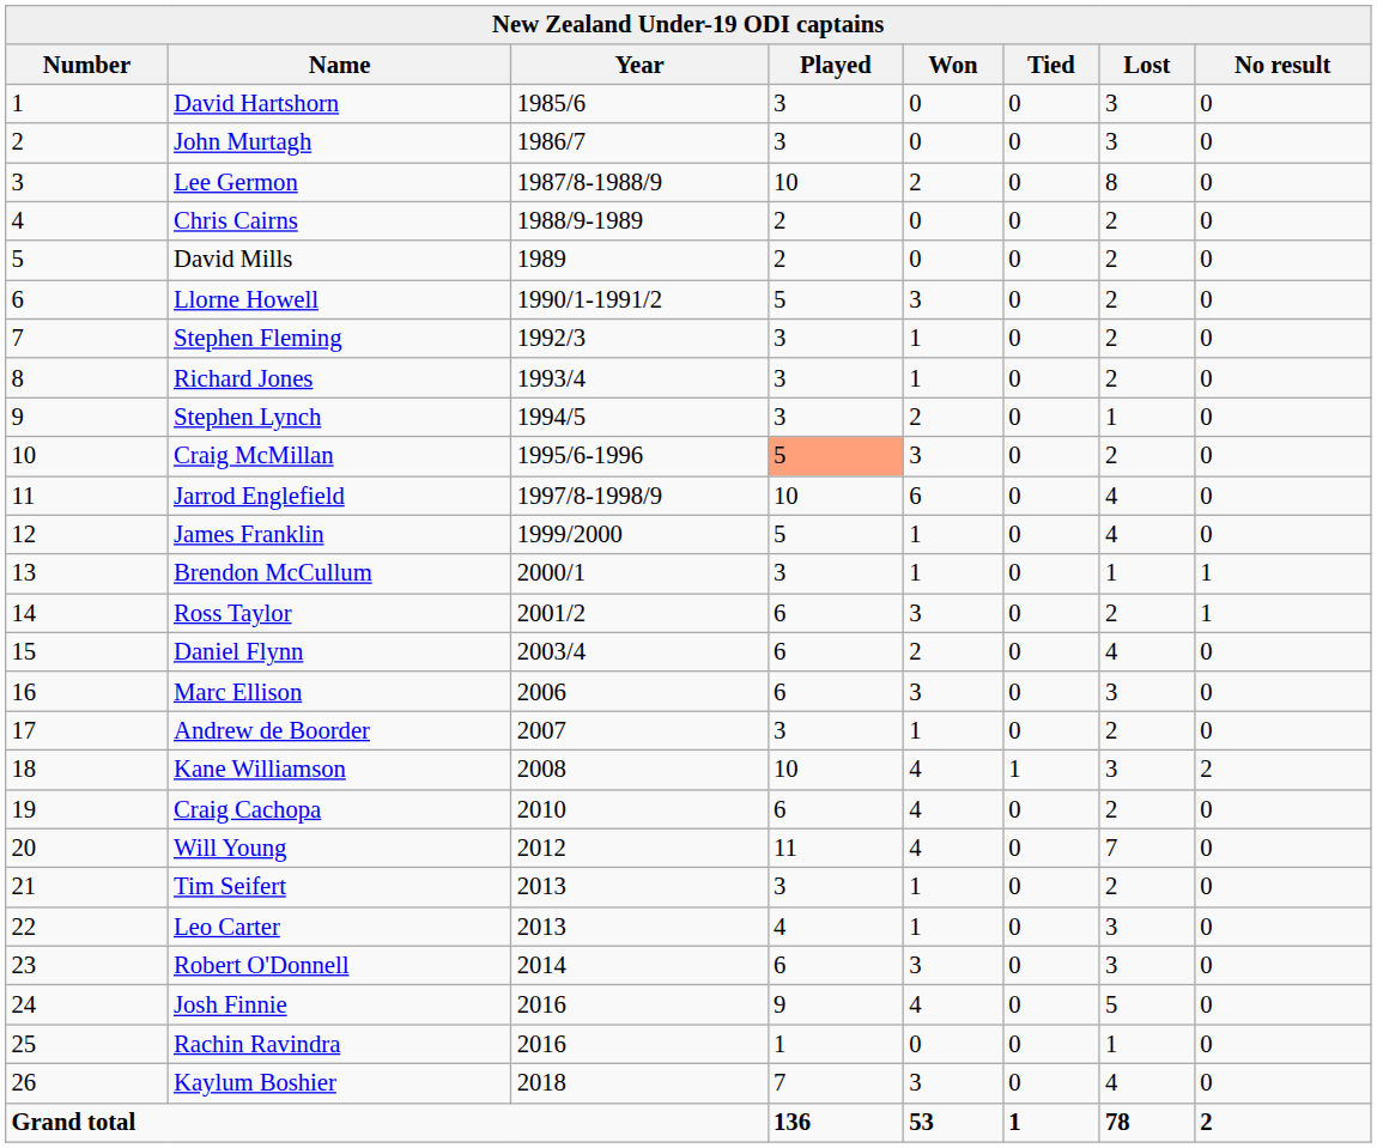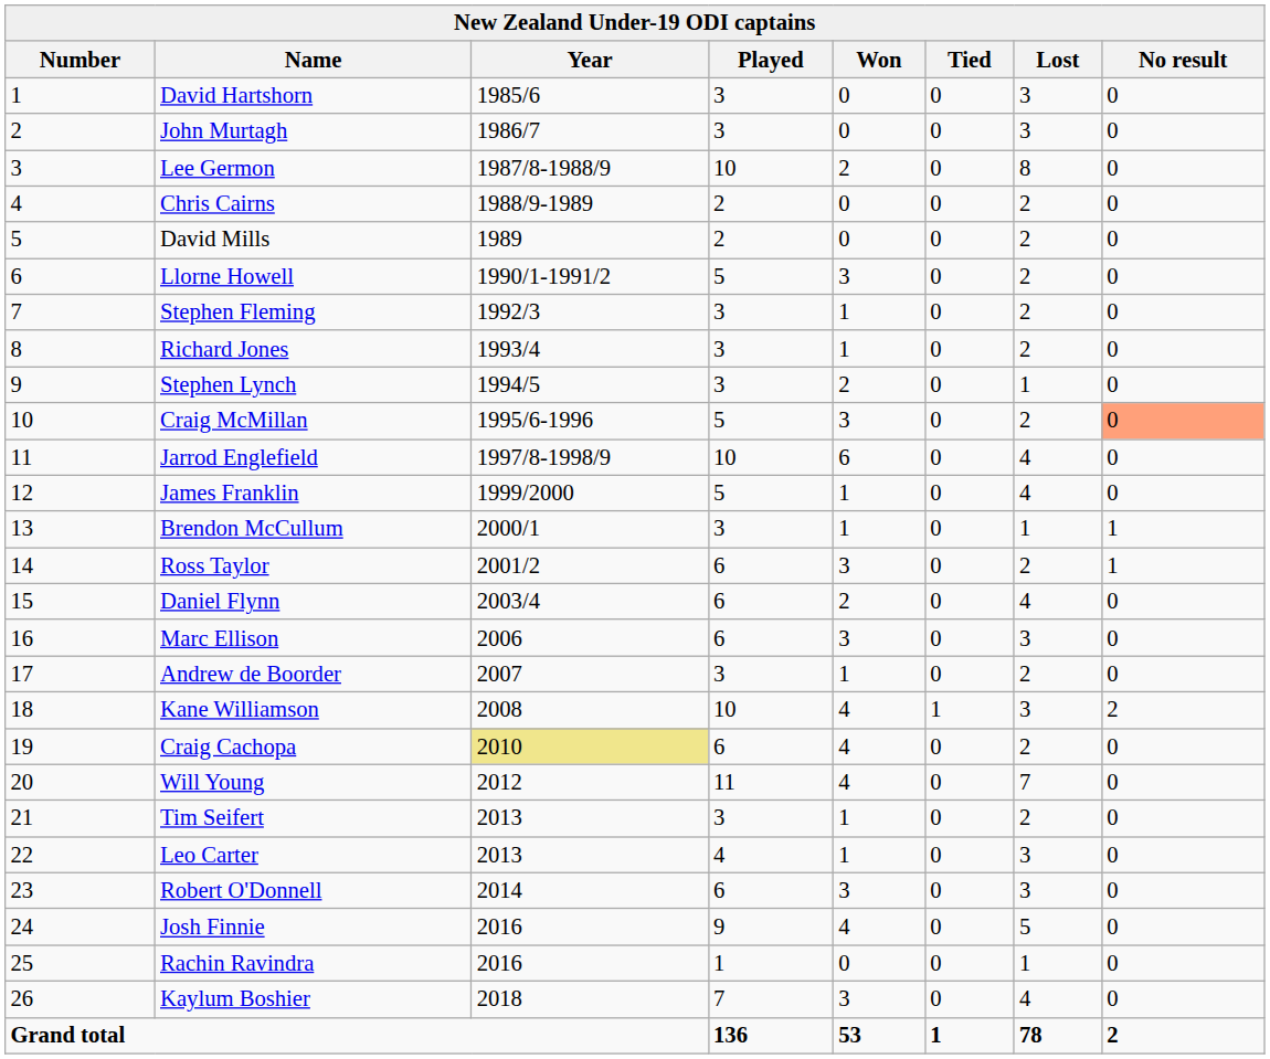 <table class="wikitable" style="width:70%;">
 <tr>
 <th style="background:#efefef;" colspan="8">New Zealand Under-19 ODI captains</th>
 </tr>
 <tr style="background:#efefef;">
 <th>Number</th>
 <th>Name</th>
 <th>Year</th>
 <th>Played</th>
 <th>Won</th>
 <th>Tied</th>
 <th>Lost</th>
 <th>No result</th>
 </tr>
 <tr>
 <td>1</td>
 <td><a href='#'>David Hartshorn</a></td>
 <td>1985/6</td>
 <td>3</td>
 <td>0</td>
 <td>0</td>
 <td>3</td>
 <td>0</td>
 </tr>
 <tr>
 <td>2</td>
 <td><a href='#'>John Murtagh</a></td>
 <td>1986/7</td>
 <td>3</td>
 <td>0</td>
 <td>0</td>
 <td>3</td>
 <td>0</td>
 </tr>
 <tr>
 <td>3</td>
 <td><a href='#'>Lee Germon</a></td>
 <td>1987/8-1988/9</td>
 <td>10</td>
 <td>2</td>
 <td>0</td>
 <td>8</td>
 <td>0</td>
 </tr>
 <tr>
 <td>4</td>
 <td><a href='#'>Chris Cairns</a></td>
 <td>1988/9-1989</td>
 <td>2</td>
 <td>0</td>
 <td>0</td>
 <td>2</td>
 <td>0</td>
 </tr>
 <tr>
 <td>5</td>
 <td>David Mills</td>
 <td>1989</td>
 <td>2</td>
 <td>0</td>
 <td>0</td>
 <td>2</td>
 <td>0</td>
 </tr>
 <tr>
 <td>6</td>
 <td><a href='#'>Llorne Howell</a></td>
 <td>1990/1-1991/2</td>
 <td>5</td>
 <td>3</td>
 <td>0</td>
 <td>2</td>
 <td>0</td>
 </tr>
 <tr>
 <td>7</td>
 <td><a href='#'>Stephen Fleming</a></td>
 <td>1992/3</td>
 <td>3</td>
 <td>1</td>
 <td>0</td>
 <td>2</td>
 <td>0</td>
 </tr>
 <tr>
 <td>8</td>
 <td><a href='#'>Richard Jones</a></td>
 <td>1993/4</td>
 <td>3</td>
 <td>1</td>
 <td>0</td>
 <td>2</td>
 <td>0</td>
 </tr>
 <tr>
 <td>9</td>
 <td><a href='#'>Stephen Lynch</a></td>
 <td>1994/5</td>
 <td>3</td>
 <td>2</td>
 <td>0</td>
 <td>1</td>
 <td>0</td>
 </tr>
 <tr>
 <td>10</td>
 <td><a href='#'>Craig McMillan</a></td>
 <td>1995/6-1996</td>
-<td style="background: lightsalmon;">5</td>
+<td>5</td>
 <td>3</td>
 <td>0</td>
 <td>2</td>
-<td>0</td>
+<td style="background: lightsalmon;">0</td>
 </tr>
 <tr>
 <td>11</td>
 <td><a href='#'>Jarrod Englefield</a></td>
 <td>1997/8-1998/9</td>
 <td>10</td>
 <td>6</td>
 <td>0</td>
 <td>4</td>
 <td>0</td>
 </tr>
 <tr>
 <td>12</td>
 <td><a href='#'>James Franklin</a></td>
 <td>1999/2000</td>
 <td>5</td>
 <td>1</td>
 <td>0</td>
 <td>4</td>
 <td>0</td>
 </tr>
 <tr>
 <td>13</td>
 <td><a href='#'>Brendon McCullum</a></td>
 <td>2000/1</td>
 <td>3</td>
 <td>1</td>
 <td>0</td>
 <td>1</td>
 <td>1</td>
 </tr>
 <tr>
 <td>14</td>
 <td><a href='#'>Ross Taylor</a></td>
 <td>2001/2</td>
 <td>6</td>
 <td>3</td>
 <td>0</td>
 <td>2</td>
 <td>1</td>
 </tr>
 <tr>
 <td>15</td>
 <td><a href='#'>Daniel Flynn</a></td>
 <td>2003/4</td>
 <td>6</td>
 <td>2</td>
 <td>0</td>
 <td>4</td>
 <td>0</td>
 </tr>
 <tr>
 <td>16</td>
 <td><a href='#'>Marc Ellison</a></td>
 <td>2006</td>
 <td>6</td>
 <td>3</td>
 <td>0</td>
 <td>3</td>
 <td>0</td>
 </tr>
 <tr>
 <td>17</td>
 <td><a href='#'>Andrew de Boorder</a></td>
 <td>2007</td>
 <td>3</td>
 <td>1</td>
 <td>0</td>
 <td>2</td>
 <td>0</td>
 </tr>
 <tr>
 <td>18</td>
 <td><a href='#'>Kane Williamson</a></td>
 <td>2008</td>
 <td>10</td>
 <td>4</td>
 <td>1</td>
 <td>3</td>
 <td>2</td>
 </tr>
 <tr>
 <td>19</td>
 <td><a href='#'>Craig Cachopa</a></td>
-<td>2010</td>
+<td style="background: khaki;">2010</td>
 <td>6</td>
 <td>4</td>
 <td>0</td>
 <td>2</td>
 <td>0</td>
 </tr>
 <tr>
 <td>20</td>
 <td><a href='#'>Will Young</a></td>
 <td>2012</td>
 <td>11</td>
 <td>4</td>
 <td>0</td>
 <td>7</td>
 <td>0</td>
 </tr>
 <tr>
 <td>21</td>
 <td><a href='#'>Tim Seifert</a></td>
 <td>2013</td>
 <td>3</td>
 <td>1</td>
 <td>0</td>
 <td>2</td>
 <td>0</td>
 </tr>
 <tr>
 <td>22</td>
 <td><a href='#'>Leo Carter</a></td>
 <td>2013</td>
 <td>4</td>
 <td>1</td>
 <td>0</td>
 <td>3</td>
 <td>0</td>
 </tr>
 <tr>
 <td>23</td>
 <td><a href='#'>Robert O'Donnell</a></td>
 <td>2014</td>
 <td>6</td>
 <td>3</td>
 <td>0</td>
 <td>3</td>
 <td>0</td>
 </tr>
 <tr>
 <td>24</td>
 <td><a href='#'>Josh Finnie</a></td>
 <td>2016</td>
 <td>9</td>
 <td>4</td>
 <td>0</td>
 <td>5</td>
 <td>0</td>
 </tr>
 <tr>
 <td>25</td>
 <td><a href='#'>Rachin Ravindra</a></td>
 <td>2016</td>
 <td>1</td>
 <td>0</td>
 <td>0</td>
 <td>1</td>
 <td>0</td>
 </tr>
 <tr>
 <td>26</td>
 <td><a href='#'>Kaylum Boshier</a></td>
 <td>2018</td>
 <td>7</td>
 <td>3</td>
 <td>0</td>
 <td>4</td>
 <td>0</td>
 </tr>
 <tr>
 <td colspan=3><strong>Grand total</strong></td>
 <td><strong>136</strong></td>
 <td><strong>53</strong></td>
 <td><strong>1</strong></td>
 <td><strong>78</strong></td>
 <td><strong>2</strong></td>
 </tr>
 </table>
